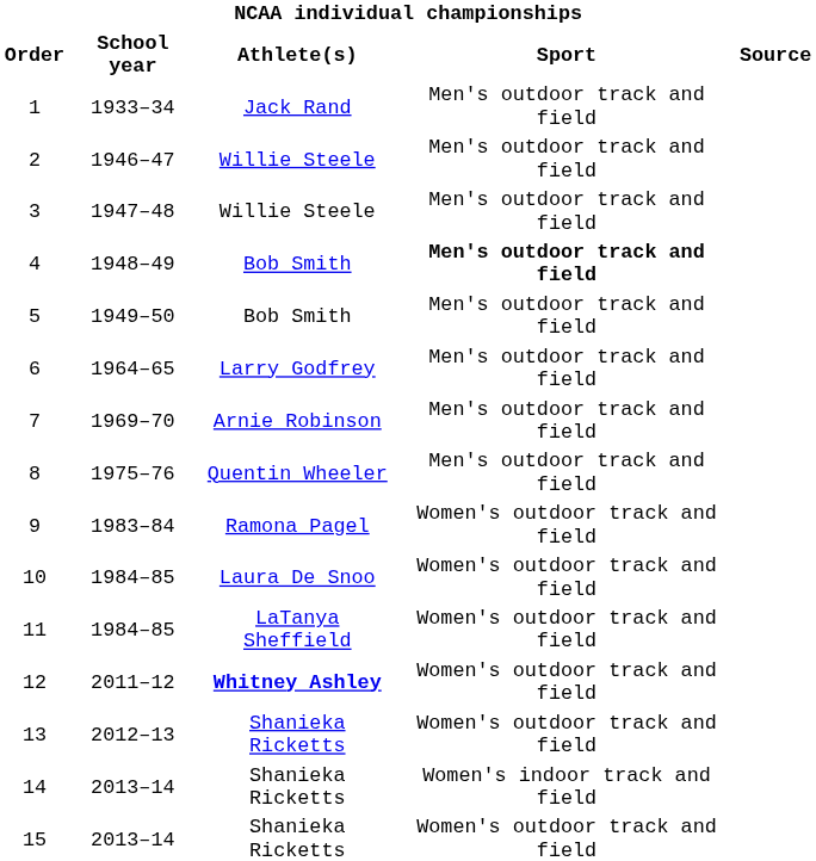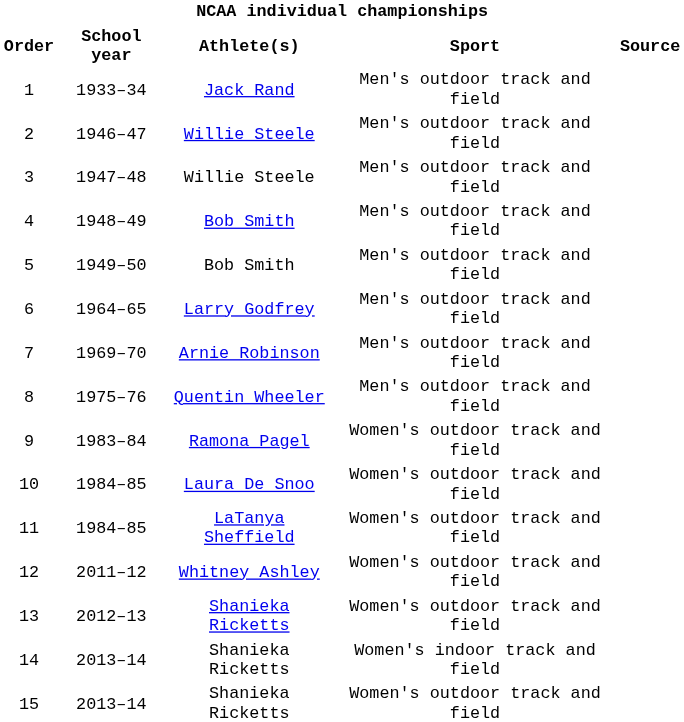 <table class="wikitablesortable " width="60%">
 <tr align="center">
 <th colspan=5>NCAA individual championships</th>
 </tr>
 <tr>
 <th>Order</th>
 <th>School year</th>
 <th>Athlete(s)</th>
 <th>Sport</th>
 <th>Source</th>
 </tr>
 <tr align="center" bgcolor="">
 <td>1</td>
 <td>1933–34</td>
 <td><a href='#'>Jack Rand</a></td>
 <td>Men's outdoor track and field</td>
 <td></td>
 </tr>
 <tr align="center" bgcolor="">
 <td>2</td>
 <td>1946–47</td>
 <td><a href='#'>Willie Steele</a></td>
 <td>Men's outdoor track and field</td>
 <td></td>
 </tr>
 <tr align="center" bgcolor="">
 <td>3</td>
 <td>1947–48</td>
 <td>Willie Steele</td>
 <td>Men's outdoor track and field</td>
 <td></td>
 </tr>
 <tr align="center" bgcolor="">
 <td>4</td>
 <td>1948–49</td>
 <td><a href='#'>Bob Smith</a></td>
-<td><strong>Men's outdoor track and field</strong></td>
+<td>Men's outdoor track and field</td>
 <td></td>
 </tr>
 <tr align="center" bgcolor="">
 <td>5</td>
 <td>1949–50</td>
 <td>Bob Smith</td>
 <td>Men's outdoor track and field</td>
 <td></td>
 </tr>
 <tr align="center" bgcolor="">
 <td>6</td>
 <td>1964–65</td>
 <td><a href='#'>Larry Godfrey</a></td>
 <td>Men's outdoor track and field</td>
 <td></td>
 </tr>
 <tr align="center" bgcolor="">
 <td>7</td>
 <td>1969–70</td>
 <td><a href='#'>Arnie Robinson</a></td>
 <td>Men's outdoor track and field</td>
 <td></td>
 </tr>
 <tr align="center" bgcolor="">
 <td>8</td>
 <td>1975–76</td>
 <td><a href='#'>Quentin Wheeler</a></td>
 <td>Men's outdoor track and field</td>
 <td></td>
 </tr>
 <tr align="center" bgcolor="">
 <td>9</td>
 <td>1983–84</td>
 <td><a href='#'>Ramona Pagel</a></td>
 <td>Women's outdoor track and field</td>
 <td></td>
 </tr>
 <tr align="center" bgcolor="">
 <td>10</td>
 <td>1984–85</td>
 <td><a href='#'>Laura De Snoo</a></td>
 <td>Women's outdoor track and field</td>
 <td></td>
 </tr>
 <tr align="center" bgcolor="">
 <td>11</td>
 <td>1984–85</td>
 <td><a href='#'>LaTanya Sheffield</a></td>
 <td>Women's outdoor track and field</td>
 <td></td>
 </tr>
 <tr align="center" bgcolor="">
 <td>12</td>
 <td>2011–12</td>
-<td><strong><a href='#'>Whitney Ashley</a></strong></td>
+<td><a href='#'>Whitney Ashley</a></td>
 <td>Women's outdoor track and field</td>
 <td></td>
 </tr>
 <tr align="center" bgcolor="">
 <td>13</td>
 <td>2012–13</td>
 <td><a href='#'>Shanieka Ricketts</a></td>
 <td>Women's outdoor track and field</td>
 <td></td>
 </tr>
 <tr align="center" bgcolor="">
 <td>14</td>
 <td>2013–14</td>
 <td>Shanieka Ricketts</td>
 <td>Women's indoor track and field</td>
 <td></td>
 </tr>
 <tr align="center" bgcolor="">
 <td>15</td>
 <td>2013–14</td>
 <td>Shanieka Ricketts</td>
 <td>Women's outdoor track and field</td>
 <td></td>
 </tr>
 </table>
